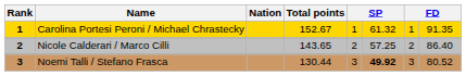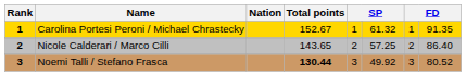 <table class="wikitable sortable">
 <tr>
 <th>Rank</th>
 <th>Name</th>
 <th>Nation</th>
 <th>Total points</th>
 <th colspan="2" width="80px"><a href='#'>SP</a></th>
 <th colspan="2" width="80px"><a href='#'>FD</a></th>
 </tr>
 <tr bgcolor="gold">
 <td align="center"><strong>1</strong></td>
 <td>Carolina Portesi Peroni / Michael Chrastecky</td>
 <td></td>
 <td align="center">152.67</td>
 <td align="center">1</td>
 <td align="center">61.32</td>
 <td align="center">1</td>
 <td align="center">91.35</td>
 </tr>
 <tr>
 </tr>
 <tr bgcolor="silver">
 <td align="center"><strong>2</strong></td>
 <td>Nicole Calderari / Marco Cilli</td>
 <td></td>
 <td align="center">143.65</td>
 <td align="center">2</td>
 <td align="center">57.25</td>
 <td align="center">2</td>
 <td align="center">86.40</td>
 </tr>
 <tr>
 </tr>
 <tr bgcolor="cc9966">
 <td align="center"><strong>3</strong></td>
 <td>Noemi Talli / Stefano Frasca</td>
 <td></td>
-<td align="center">130.44</td>
+<td align="center"><strong>130.44</strong></td>
 <td align="center">3</td>
-<td align="center"><strong>49.92</strong></td>
+<td align="center">49.92</td>
 <td align="center">3</td>
 <td align="center">80.52</td>
 </tr>
 </table>
